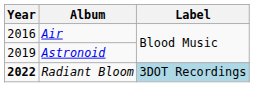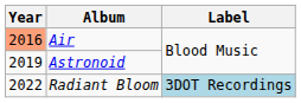 <table class="wikitable">
 <tr>
 <th>Year</th>
 <th>Album</th>
 <th>Label</th>
 </tr>
 <tr>
-<td>2016</td>
+<td style="background: lightsalmon;">2016</td>
 <td><em><a href='#'>Air</a></em></td>
 <td rowspan="2">Blood Music</td>
 </tr>
 <tr>
 <td>2019</td>
 <td><em><a href='#'>Astronoid</a></em></td>
 </tr>
 <tr>
-<td><strong>2022</strong></td>
+<td>2022</td>
 <td><em>Radiant Bloom</em></td>
 <td style="background: lightblue;">3DOT Recordings</td>
 </tr>
 </table>
